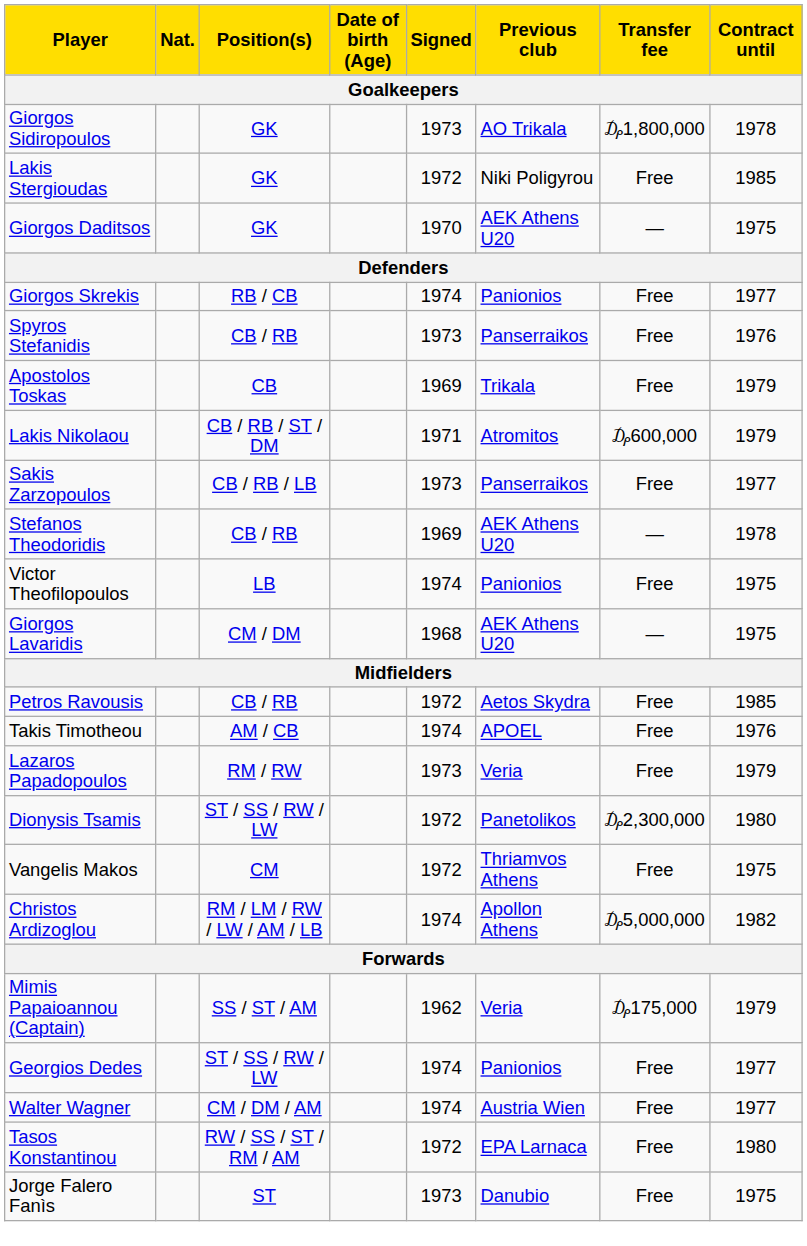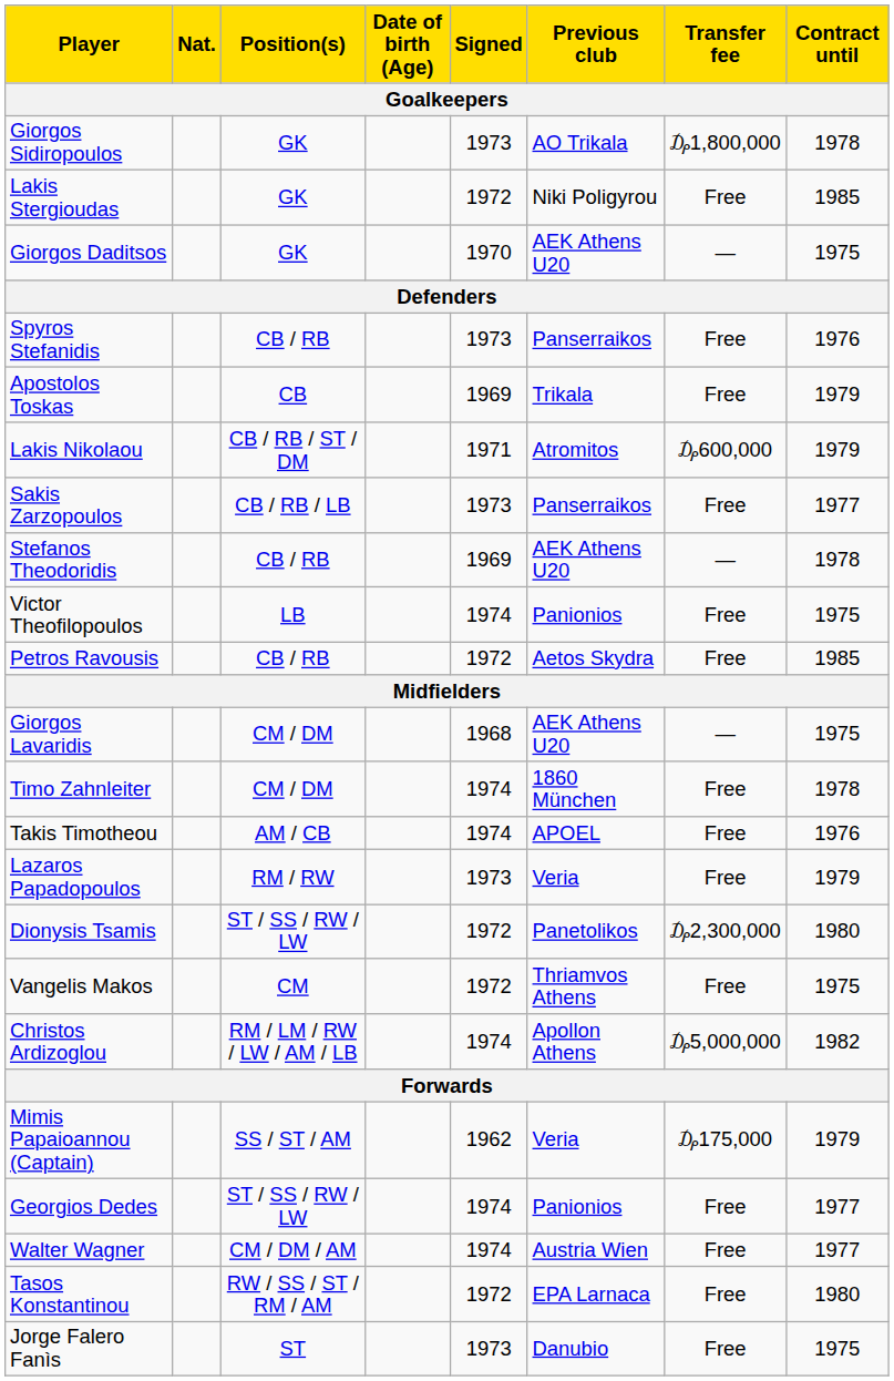 <table class="wikitable" style="text-align:center; font-size:90%;width:100%;">
 <tr>
 <th style="background:#FFDE00">Player</th>
 <th style="background:#FFDE00">Nat.</th>
 <th style="background:#FFDE00">Position(s)</th>
 <th style="background:#FFDE00">Date of birth (Age)</th>
 <th style="background:#FFDE00">Signed</th>
 <th style="background:#FFDE00">Previous club</th>
 <th style="background:#FFDE00">Transfer fee</th>
 <th style="background:#FFDE00">Contract until</th>
 </tr>
 <tr>
 <th colspan="8">Goalkeepers</th>
 </tr>
 <tr>
 <td align=left><a href='#'>Giorgos Sidiropoulos</a></td>
 <td></td>
 <td><a href='#'>GK</a></td>
 <td></td>
 <td>1973</td>
 <td align=left> <a href='#'>AO Trikala</a></td>
 <td>₯1,800,000</td>
 <td>1978</td>
 </tr>
 <tr>
 <td align=left><a href='#'>Lakis Stergioudas</a></td>
 <td></td>
 <td><a href='#'>GK</a></td>
 <td></td>
 <td>1972</td>
 <td align=left> Niki Poligyrou</td>
 <td>Free</td>
 <td>1985</td>
 </tr>
 <tr>
 <td align=left><a href='#'>Giorgos Daditsos</a></td>
 <td></td>
 <td><a href='#'>GK</a></td>
 <td></td>
 <td>1970</td>
 <td align=left> <a href='#'>AEK Athens U20</a></td>
 <td>—</td>
 <td>1975</td>
 </tr>
 <tr>
 <th colspan="8">Defenders</th>
-</tr>
-<tr>
-<td align=left><a href='#'>Giorgos Skrekis</a></td>
-<td></td>
-<td><a href='#'>RB</a> / <a href='#'>CB</a></td>
-<td></td>
-<td>1974</td>
-<td align=left> <a href='#'>Panionios</a></td>
-<td>Free</td>
-<td>1977</td>
 </tr>
 <tr>
 <td align=left><a href='#'>Spyros Stefanidis</a></td>
 <td></td>
 <td><a href='#'>CB</a> / <a href='#'>RB</a></td>
 <td></td>
 <td>1973</td>
 <td align=left> <a href='#'>Panserraikos</a></td>
 <td>Free</td>
 <td>1976</td>
 </tr>
 <tr>
 <td align=left><a href='#'>Apostolos Toskas</a></td>
 <td></td>
 <td><a href='#'>CB</a></td>
 <td></td>
 <td>1969</td>
 <td align=left> <a href='#'>Trikala</a></td>
 <td>Free</td>
 <td>1979</td>
 </tr>
 <tr>
 <td align=left><a href='#'>Lakis Nikolaou</a></td>
 <td></td>
 <td><a href='#'>CB</a> / <a href='#'>RB</a> / <a href='#'>ST</a> / <a href='#'>DM</a></td>
 <td></td>
 <td>1971</td>
 <td align=left> <a href='#'>Atromitos</a></td>
 <td>₯600,000</td>
 <td>1979</td>
 </tr>
 <tr>
 <td align=left><a href='#'>Sakis Zarzopoulos</a></td>
 <td></td>
 <td><a href='#'>CB</a> / <a href='#'>RB</a> / <a href='#'>LB</a></td>
 <td></td>
 <td>1973</td>
 <td align=left> <a href='#'>Panserraikos</a></td>
 <td>Free</td>
 <td>1977</td>
 </tr>
 <tr>
 <td align=left><a href='#'>Stefanos Theodoridis</a></td>
 <td></td>
 <td><a href='#'>CB</a> / <a href='#'>RB</a></td>
 <td></td>
 <td>1969</td>
 <td align=left> <a href='#'>AEK Athens U20</a></td>
 <td>—</td>
 <td>1978</td>
 </tr>
 <tr>
 <td align=left>Victor Theofilopoulos</td>
 <td></td>
 <td><a href='#'>LB</a></td>
 <td></td>
 <td>1974</td>
 <td align=left> <a href='#'>Panionios</a></td>
 <td>Free</td>
 <td>1975</td>
 </tr>
 <tr>
+<td align=left><a href='#'>Petros Ravousis</a></td>
+<td></td>
+<td><a href='#'>CB</a> / <a href='#'>RB</a></td>
+<td></td>
+<td>1972</td>
+<td align=left> <a href='#'>Aetos Skydra</a></td>
+<td>Free</td>
+<td>1985</td>
+</tr>
+<tr>
+<th colspan="8">Midfielders</th>
+</tr>
+<tr>
 <td align=left><a href='#'>Giorgos Lavaridis</a></td>
 <td></td>
 <td><a href='#'>CM</a> / <a href='#'>DM</a></td>
 <td></td>
 <td>1968</td>
 <td align=left> <a href='#'>AEK Athens U20</a></td>
 <td>—</td>
 <td>1975</td>
 </tr>
 <tr>
-<th colspan="8">Midfielders</th>
-</tr>
-<tr>
-<td align=left><a href='#'>Petros Ravousis</a></td>
+<td align=left><a href='#'>Timo Zahnleiter</a></td>
 <td></td>
-<td><a href='#'>CB</a> / <a href='#'>RB</a></td>
+<td><a href='#'>CM</a> / <a href='#'>DM</a></td>
 <td></td>
-<td>1972</td>
-<td align=left> <a href='#'>Aetos Skydra</a></td>
+<td>1974</td>
+<td align=left> <a href='#'>1860 München</a></td>
 <td>Free</td>
-<td>1985</td>
+<td>1978</td>
 </tr>
 <tr>
 <td align=left>Takis Timotheou</td>
 <td></td>
 <td><a href='#'>AM</a> / <a href='#'>CB</a></td>
 <td></td>
 <td>1974</td>
 <td align=left> <a href='#'>APOEL</a></td>
 <td>Free</td>
 <td>1976</td>
 </tr>
 <tr>
 <td align=left><a href='#'>Lazaros Papadopoulos</a></td>
 <td></td>
 <td><a href='#'>RM</a> / <a href='#'>RW</a></td>
 <td></td>
 <td>1973</td>
 <td align=left> <a href='#'>Veria</a></td>
 <td>Free</td>
 <td>1979</td>
 </tr>
 <tr>
 <td align=left><a href='#'>Dionysis Tsamis</a></td>
 <td></td>
 <td><a href='#'>ST</a> / <a href='#'>SS</a> / <a href='#'>RW</a> / <a href='#'>LW</a></td>
 <td></td>
 <td>1972</td>
 <td align=left> <a href='#'>Panetolikos</a></td>
 <td>₯2,300,000</td>
 <td>1980</td>
 </tr>
 <tr>
 <td align=left>Vangelis Makos</td>
 <td></td>
 <td><a href='#'>CM</a></td>
 <td></td>
 <td>1972</td>
 <td align=left> <a href='#'>Thriamvos Athens</a></td>
 <td>Free</td>
 <td>1975</td>
 </tr>
 <tr>
 <td align=left><a href='#'>Christos Ardizoglou</a></td>
 <td></td>
 <td><a href='#'>RM</a> / <a href='#'>LM</a> / <a href='#'>RW</a> / <a href='#'>LW</a>  / <a href='#'>AM</a> / <a href='#'>LB</a></td>
 <td></td>
 <td>1974</td>
 <td align=left> <a href='#'>Apollon Athens</a></td>
 <td>₯5,000,000</td>
 <td>1982</td>
 </tr>
 <tr>
 <th colspan="8">Forwards</th>
 </tr>
 <tr>
 <td align=left><a href='#'>Mimis Papaioannou</a> <a href='#'>(Captain)</a></td>
 <td></td>
 <td><a href='#'>SS</a> / <a href='#'>ST</a> / <a href='#'>AM</a></td>
 <td></td>
 <td>1962</td>
 <td align=left> <a href='#'>Veria</a></td>
 <td>₯175,000</td>
 <td>1979</td>
 </tr>
 <tr>
 <td align=left><a href='#'>Georgios Dedes</a></td>
 <td></td>
 <td><a href='#'>ST</a> / <a href='#'>SS</a> / <a href='#'>RW</a> / <a href='#'>LW</a></td>
 <td></td>
 <td>1974</td>
 <td align=left> <a href='#'>Panionios</a></td>
 <td>Free</td>
 <td>1977</td>
 </tr>
 <tr>
 <td align=left><a href='#'>Walter Wagner</a></td>
 <td></td>
 <td><a href='#'>CM</a> / <a href='#'>DM</a> / <a href='#'>AM</a></td>
 <td></td>
 <td>1974</td>
 <td align=left> <a href='#'>Austria Wien</a></td>
 <td>Free</td>
 <td>1977</td>
 </tr>
 <tr>
 <td align=left><a href='#'>Tasos Konstantinou</a></td>
 <td></td>
 <td><a href='#'>RW</a> / <a href='#'>SS</a> / <a href='#'>ST</a> / <a href='#'>RM</a> / <a href='#'>AM</a></td>
 <td></td>
 <td>1972</td>
 <td align=left> <a href='#'>EPA Larnaca</a></td>
 <td>Free</td>
 <td>1980</td>
 </tr>
 <tr>
 <td align=left>Jorge Falero Fanìs</td>
 <td></td>
 <td><a href='#'>ST</a></td>
 <td></td>
 <td>1973</td>
 <td align=left> <a href='#'>Danubio</a></td>
 <td>Free</td>
 <td>1975</td>
 </tr>
 </table>
